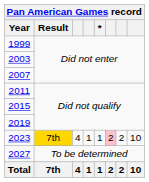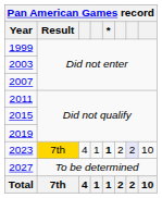 <table class="wikitable" style="text-align: center;">
 <tr>
 <th colspan=8><a href='#'>Pan American Games</a> record</th>
 </tr>
 <tr>
 <th>Year</th>
 <th>Result</th>
 <th></th>
 <th></th>
 <th>*</th>
 <th></th>
 <th></th>
 <th></th>
 </tr>
 <tr>
 <td> <a href='#'>1999</a></td>
 <td rowspan=3 colspan=7><em>Did not enter</em></td>
 </tr>
 <tr>
 <td> <a href='#'>2003</a></td>
 </tr>
 <tr>
 <td> <a href='#'>2007</a></td>
 </tr>
 <tr>
 <td> <a href='#'>2011</a></td>
 <td rowspan=3 colspan=7><em>Did not qualify</em></td>
 </tr>
 <tr>
 <td> <a href='#'>2015</a></td>
 </tr>
 <tr>
 <td> <a href='#'>2019</a></td>
 </tr>
 <tr>
 <td> <a href='#'>2023</a></td>
 <td style="background: gold;">7th</td>
 <td>4</td>
 <td>1</td>
-<td>1</td>
-<td style="background: pink;">2</td>
+<td><strong>1</strong></td>
 <td>2</td>
+<td style="background: lavender;">2</td>
 <td>10</td>
 </tr>
 <tr>
 <td> <a href='#'>2027</a></td>
 <td rowspan=1 colspan=7><em>To be determined</em></td>
 </tr>
 <tr>
 <th>Total</th>
 <th>7th</th>
 <th>4</th>
 <th>1</th>
 <th>1</th>
 <th>2</th>
 <th>2</th>
 <th>10</th>
 </tr>
 </table>
